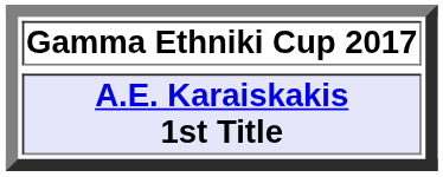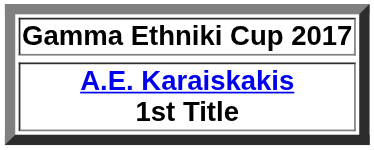 <table border="6" style="text-align:center;margin: 0 auto;">
 <tr>
 <th>Gamma Ethniki Cup 2017</th>
 </tr>
 <tr>
 </tr>
 <tr>
-<td style="background: lavender;"><strong><a href='#'>A.E. Karaiskakis</a></strong><br><strong>1st Title</strong></td>
+<td><strong><a href='#'>A.E. Karaiskakis</a></strong><br><strong>1st Title</strong></td>
 </tr>
 </table>
